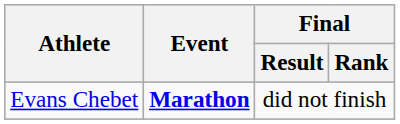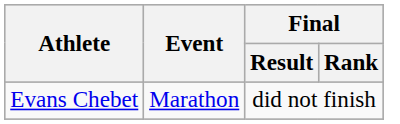 <table class="wikitable"  style=font-size:90%>
 <tr>
 <th rowspan="2">Athlete</th>
 <th rowspan="2">Event</th>
 <th colspan="2">Final</th>
 </tr>
 <tr>
 <th>Result</th>
 <th>Rank</th>
 </tr>
 <tr style=text-align:center>
 <td style=text-align:left><a href='#'>Evans Chebet</a></td>
-<td style=text-align:left><strong><a href='#'>Marathon</a></strong></td>
+<td style=text-align:left><a href='#'>Marathon</a></td>
 <td colspan=2>did not finish</td>
 </tr>
 </table>
